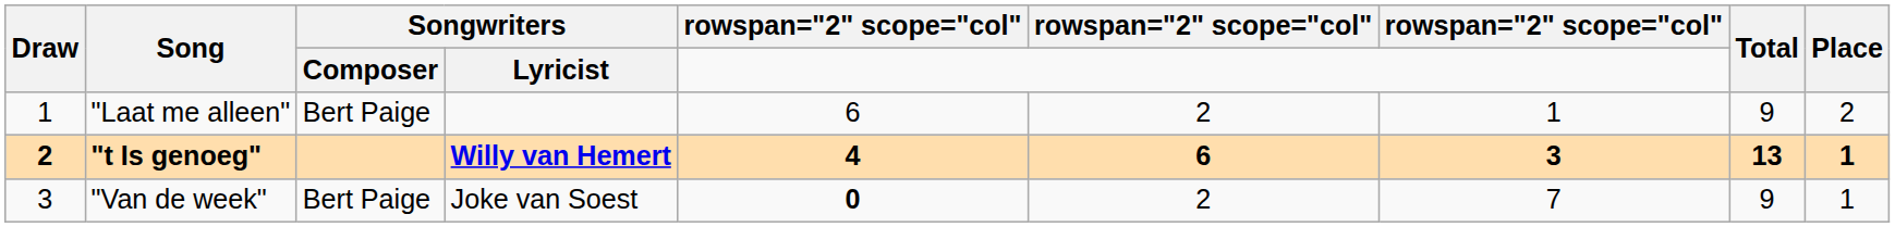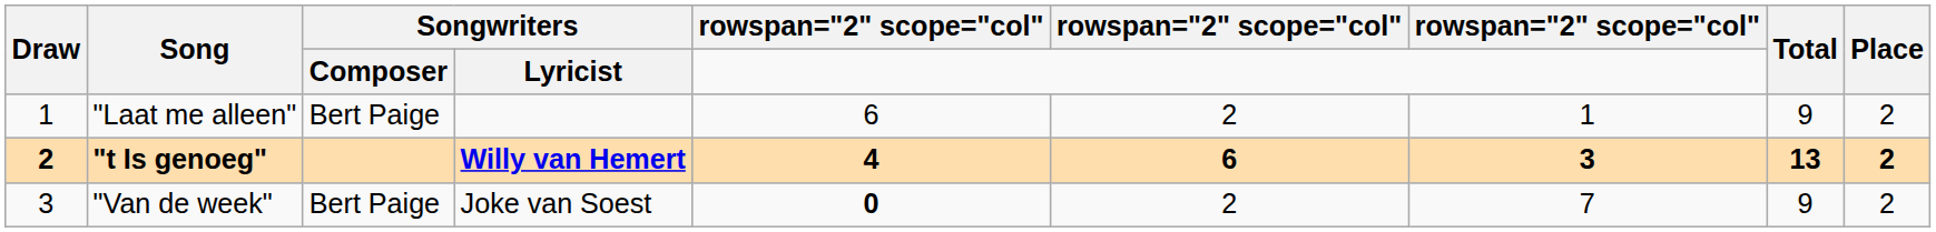 <table class="sortable wikitable">
 <tr>
 <th rowspan="2">Draw</th>
 <th rowspan="2">Song</th>
 <th colspan="2">Songwriters</th>
 <th>rowspan="2" scope="col" </th>
 <th>rowspan="2" scope="col" </th>
 <th>rowspan="2" scope="col" </th>
 <th rowspan="2">Total</th>
 <th rowspan="2">Place</th>
 </tr>
 <tr>
 <th>Composer</th>
 <th>Lyricist</th>
 </tr>
 <tr>
 <td align="center">1</td>
 <td>"Laat me alleen"</td>
 <td>Bert Paige</td>
 <td></td>
 <td align="center">6</td>
 <td align="center">2</td>
 <td align="center">1</td>
 <td align="center">9</td>
 <td align="center">2</td>
 </tr>
 <tr style="background:#FFDEAD; font-weight:bold;">
 <td align="center">2</td>
 <td>"t Is genoeg"</td>
 <td></td>
 <td><a href='#'>Willy van Hemert</a></td>
 <td align="center">4</td>
 <td align="center">6</td>
 <td align="center">3</td>
 <td align="center">13</td>
-<td align="center">1</td>
+<td align="center">2</td>
 </tr>
 <tr>
 <td align="center">3</td>
 <td>"Van de week"</td>
 <td>Bert Paige</td>
 <td>Joke van Soest</td>
 <td align="center"><strong>0</strong></td>
 <td align="center">2</td>
 <td align="center">7</td>
 <td align="center">9</td>
-<td align="center">1</td>
+<td align="center">2</td>
 </tr>
 </table>
